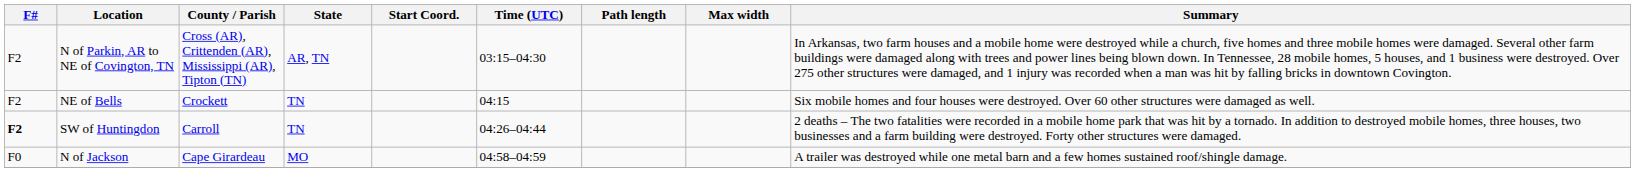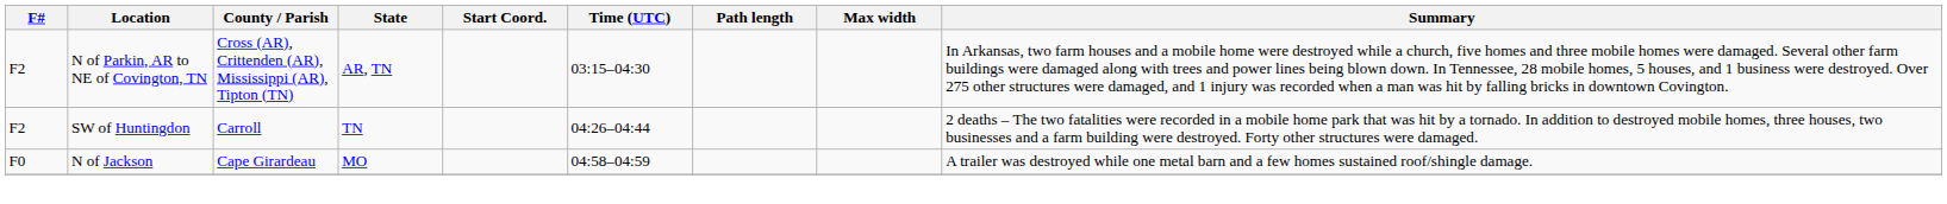 <table class="wikitable sortable" style="width:100%;">
 <tr>
 <th scope="col"  style="width:3%; text-align:center;"><a href='#'>F#</a></th>
 <th scope="col"  style="width:7%; text-align:center;" class="unsortable">Location</th>
 <th scope="col"  style="width:6%; text-align:center;" class="unsortable">County / Parish</th>
 <th scope="col"  style="width:5%; text-align:center;">State</th>
 <th scope="col"  style="width:6%; text-align:center;">Start Coord.</th>
 <th scope="col"  style="width:6%; text-align:center;">Time (<a href='#'>UTC</a>)</th>
 <th scope="col"  style="width:6%; text-align:center;">Path length</th>
 <th scope="col"  style="width:6%; text-align:center;">Max width</th>
 <th scope="col" class="unsortable" style="width:48%; text-align:center;">Summary</th>
 </tr>
 <tr>
 <td>F2</td>
 <td>N of <a href='#'>Parkin, AR</a> to NE of <a href='#'>Covington, TN</a></td>
 <td><a href='#'>Cross (AR)</a>, <a href='#'>Crittenden (AR)</a>, <a href='#'>Mississippi (AR)</a>, <a href='#'>Tipton (TN)</a></td>
 <td><a href='#'>AR</a>, <a href='#'>TN</a></td>
 <td></td>
 <td>03:15–04:30</td>
 <td></td>
 <td></td>
 <td>In Arkansas, two farm houses and a mobile home were destroyed while a church, five homes and three mobile homes were damaged. Several other farm buildings were damaged along with trees and power lines being blown down. In Tennessee, 28 mobile homes, 5 houses, and 1 business were destroyed. Over 275 other structures were damaged, and 1 injury was recorded when a man was hit by falling bricks in downtown Covington.</td>
 </tr>
 <tr>
 <td>F2</td>
-<td>NE of <a href='#'>Bells</a></td>
-<td><a href='#'>Crockett</a></td>
-<td><a href='#'>TN</a></td>
-<td></td>
-<td>04:15</td>
-<td></td>
-<td></td>
-<td>Six mobile homes and four houses were destroyed. Over 60 other structures were damaged as well.</td>
-</tr>
-<tr>
-<td><strong>F2</strong></td>
 <td>SW of <a href='#'>Huntingdon</a></td>
 <td><a href='#'>Carroll</a></td>
 <td><a href='#'>TN</a></td>
 <td></td>
 <td>04:26–04:44</td>
 <td></td>
 <td></td>
 <td>2 deaths – The two fatalities were recorded in a mobile home park that was hit by a tornado. In addition to destroyed mobile homes, three houses, two businesses and a farm building were destroyed. Forty other structures were damaged.</td>
 </tr>
 <tr>
 <td>F0</td>
 <td>N of <a href='#'>Jackson</a></td>
 <td><a href='#'>Cape Girardeau</a></td>
 <td><a href='#'>MO</a></td>
 <td></td>
 <td>04:58–04:59</td>
 <td></td>
 <td></td>
 <td>A trailer was destroyed while one metal barn and a few homes sustained roof/shingle damage.</td>
 </tr>
 <tr>
 </tr>
 </table>
